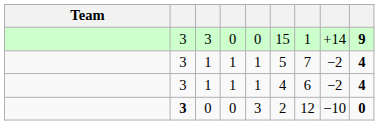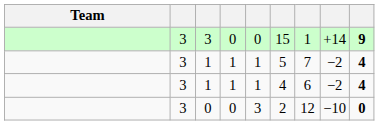 <table class="wikitable" style="text-align: center;">
 <tr>
 <th width="175">Team</th>
 <th width="20"></th>
 <th width="20"></th>
 <th width="20"></th>
 <th width="20"></th>
 <th width="20"></th>
 <th width="20"></th>
 <th width="20"></th>
 <th width="20"></th>
 </tr>
 <tr bgcolor="#ccffcc">
 <td align=left></td>
 <td>3</td>
 <td>3</td>
 <td>0</td>
 <td>0</td>
 <td>15</td>
 <td>1</td>
 <td>+14</td>
 <td><strong>9</strong></td>
 </tr>
 <tr bgcolor=>
 <td align=left><em></em></td>
 <td>3</td>
 <td>1</td>
 <td>1</td>
 <td>1</td>
 <td>5</td>
 <td>7</td>
 <td>−2</td>
 <td><strong>4</strong></td>
 </tr>
 <tr bgcolor=>
 <td align=left></td>
 <td>3</td>
 <td>1</td>
 <td>1</td>
 <td>1</td>
 <td>4</td>
 <td>6</td>
 <td>−2</td>
 <td><strong>4</strong></td>
 </tr>
 <tr bgcolor=>
 <td align=left></td>
-<td><strong>3</strong></td>
+<td>3</td>
 <td>0</td>
 <td>0</td>
 <td>3</td>
 <td>2</td>
 <td>12</td>
 <td>−10</td>
 <td><strong>0</strong></td>
 </tr>
 </table>
